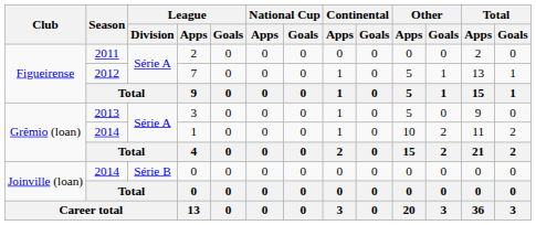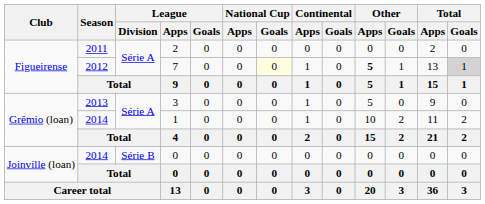 <table class="wikitable" style="text-align: center;">
 <tr>
 <th rowspan="2">Club</th>
 <th rowspan="2">Season</th>
 <th colspan="3">League</th>
 <th colspan="2">National Cup</th>
 <th colspan="2">Continental</th>
 <th colspan="2">Other</th>
 <th colspan="2">Total</th>
 </tr>
 <tr>
 <th>Division</th>
 <th>Apps</th>
 <th>Goals</th>
 <th>Apps</th>
 <th>Goals</th>
 <th>Apps</th>
 <th>Goals</th>
 <th>Apps</th>
 <th>Goals</th>
 <th>Apps</th>
 <th>Goals</th>
 </tr>
 <tr>
 <td rowspan="3" valign="center"><a href='#'>Figueirense</a></td>
 <td><a href='#'>2011</a></td>
 <td rowspan="2"><a href='#'>Série A</a></td>
 <td>2</td>
 <td>0</td>
 <td>0</td>
 <td>0</td>
 <td>0</td>
 <td>0</td>
 <td>0</td>
 <td>0</td>
 <td>2</td>
 <td>0</td>
 </tr>
 <tr>
 <td><a href='#'>2012</a></td>
 <td>7</td>
 <td>0</td>
 <td>0</td>
-<td>0</td>
+<td style="background: lightyellow;">0</td>
 <td>1</td>
 <td>0</td>
-<td>5</td>
+<td><strong>5</strong></td>
 <td>1</td>
 <td>13</td>
-<td>1</td>
+<td style="background: lightgrey;">1</td>
 </tr>
 <tr>
 <th colspan="2">Total</th>
 <th>9</th>
 <th>0</th>
 <th>0</th>
 <th>0</th>
 <th>1</th>
 <th>0</th>
 <th>5</th>
 <th>1</th>
 <th>15</th>
 <th>1</th>
 </tr>
 <tr>
 <td rowspan="3" valign="center"><a href='#'>Grêmio</a> (loan)</td>
 <td><a href='#'>2013</a></td>
 <td rowspan="2"><a href='#'>Série A</a></td>
 <td>3</td>
 <td>0</td>
 <td>0</td>
 <td>0</td>
 <td>1</td>
 <td>0</td>
 <td>5</td>
 <td>0</td>
 <td>9</td>
 <td>0</td>
 </tr>
 <tr>
 <td><a href='#'>2014</a></td>
 <td>1</td>
 <td>0</td>
 <td>0</td>
 <td>0</td>
 <td>1</td>
 <td>0</td>
 <td>10</td>
 <td>2</td>
 <td>11</td>
 <td>2</td>
 </tr>
 <tr>
 <th colspan="2">Total</th>
 <th>4</th>
 <th>0</th>
 <th>0</th>
 <th>0</th>
 <th>2</th>
 <th>0</th>
 <th>15</th>
 <th>2</th>
 <th>21</th>
 <th>2</th>
 </tr>
 <tr>
 <td rowspan="2" valign="center"><a href='#'>Joinville</a> (loan)</td>
 <td><a href='#'>2014</a></td>
 <td><a href='#'>Série B</a></td>
 <td>0</td>
 <td>0</td>
 <td>0</td>
 <td>0</td>
 <td>0</td>
 <td>0</td>
 <td>0</td>
 <td>0</td>
 <td>0</td>
 <td>0</td>
 </tr>
 <tr>
 <th colspan="2">Total</th>
 <th>0</th>
 <th>0</th>
 <th>0</th>
 <th>0</th>
 <th>0</th>
 <th>0</th>
 <th>0</th>
 <th>0</th>
 <th>0</th>
 <th>0</th>
 </tr>
 <tr>
 <th colspan="3">Career total</th>
 <th>13</th>
 <th>0</th>
 <th>0</th>
 <th>0</th>
 <th>3</th>
 <th>0</th>
 <th>20</th>
 <th>3</th>
 <th>36</th>
 <th>3</th>
 </tr>
 </table>
